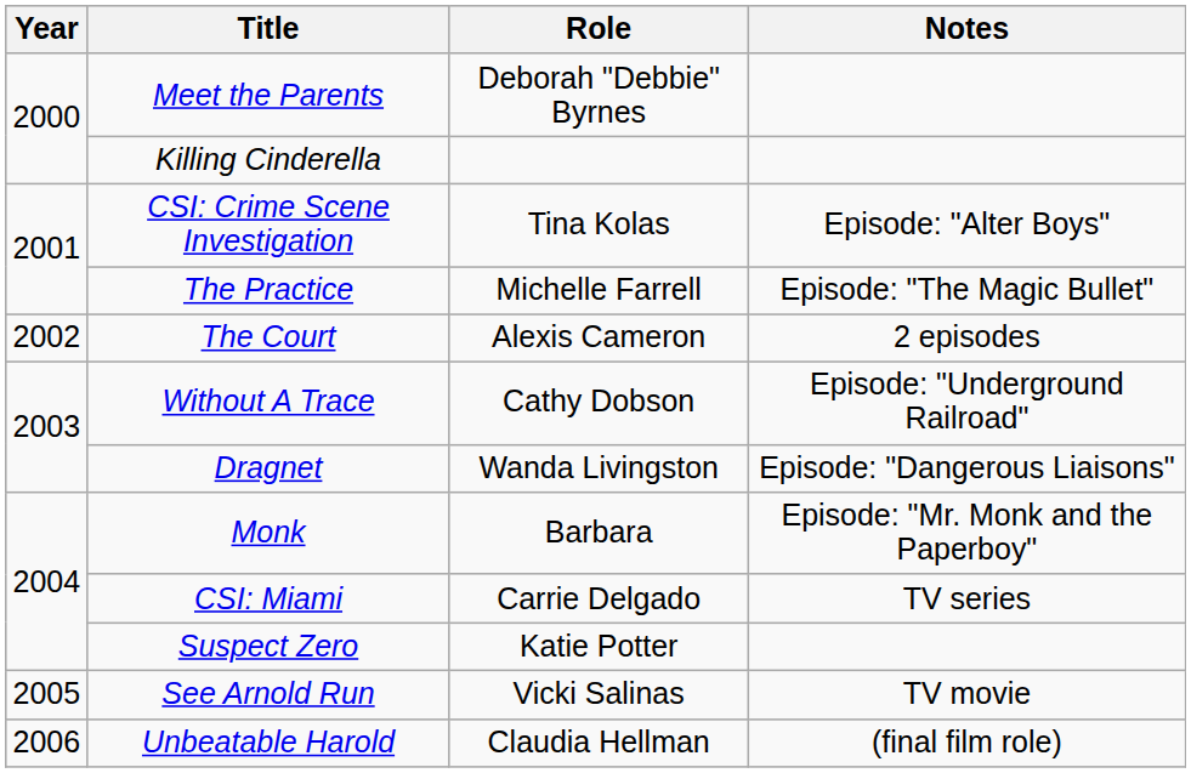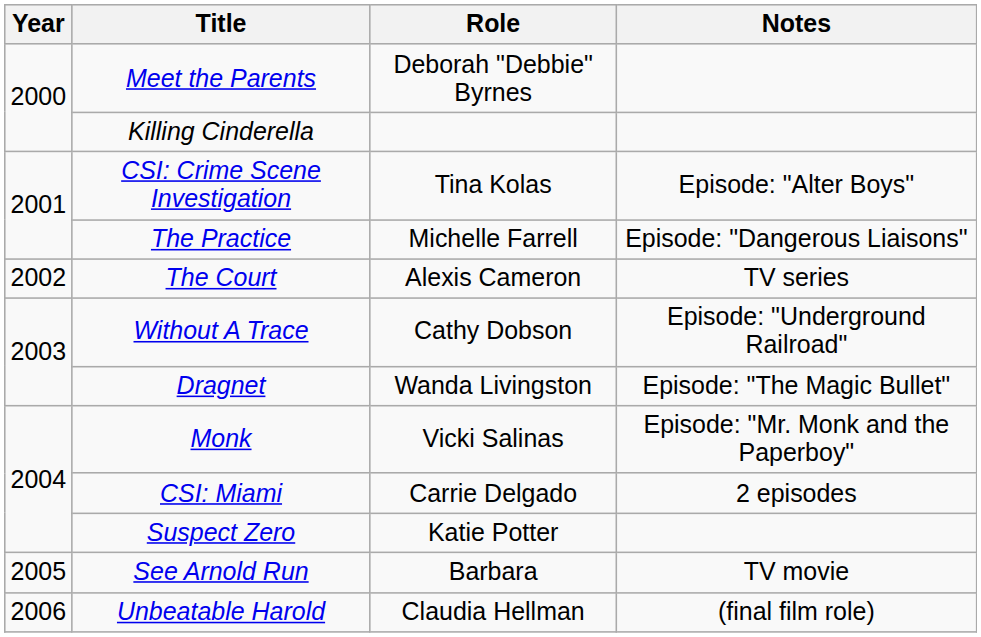 <table class="wikitable sortable toccolours" border="1" cellpadding="4" cellspacing="0" style="text-align:center; border-collapse: collapse; margin:0">
 <tr>
 <th>Year</th>
 <th>Title</th>
 <th>Role</th>
 <th>Notes</th>
 </tr>
 <tr>
 <td rowspan="2">2000</td>
 <td><em><a href='#'>Meet the Parents</a></em></td>
 <td>Deborah "Debbie" Byrnes</td>
 <td></td>
 </tr>
 <tr>
 <td><em>Killing Cinderella</em></td>
 <td></td>
 <td></td>
 </tr>
 <tr>
 <td rowspan="2">2001</td>
 <td><em><a href='#'>CSI: Crime Scene Investigation</a></em></td>
 <td>Tina Kolas</td>
 <td>Episode: "Alter Boys"</td>
 </tr>
 <tr>
 <td><em><a href='#'>The Practice</a></em></td>
 <td>Michelle Farrell</td>
-<td>Episode: "The Magic Bullet"</td>
+<td>Episode: "Dangerous Liaisons"</td>
 </tr>
 <tr>
 <td>2002</td>
 <td><em><a href='#'>The Court</a></em></td>
 <td>Alexis Cameron</td>
-<td>2 episodes</td>
+<td>TV series</td>
 </tr>
 <tr>
 <td rowspan="2">2003</td>
 <td><em><a href='#'>Without A Trace</a></em></td>
 <td>Cathy Dobson</td>
 <td>Episode: "Underground Railroad"</td>
 </tr>
 <tr>
 <td><em><a href='#'>Dragnet</a></em></td>
 <td>Wanda Livingston</td>
-<td>Episode: "Dangerous Liaisons"</td>
+<td>Episode: "The Magic Bullet"</td>
 </tr>
 <tr>
 <td rowspan="3">2004</td>
 <td><em><a href='#'>Monk</a></em></td>
-<td>Barbara</td>
+<td>Vicki Salinas</td>
 <td>Episode: "Mr. Monk and the Paperboy"</td>
 </tr>
 <tr>
 <td><em><a href='#'>CSI: Miami</a></em></td>
 <td>Carrie Delgado</td>
-<td>TV series</td>
+<td>2 episodes</td>
 </tr>
 <tr>
 <td><em><a href='#'>Suspect Zero</a></em></td>
 <td>Katie Potter</td>
 <td></td>
 </tr>
 <tr>
 <td>2005</td>
 <td><em><a href='#'>See Arnold Run</a></em></td>
-<td>Vicki Salinas</td>
+<td>Barbara</td>
 <td>TV movie</td>
 </tr>
 <tr>
 <td>2006</td>
 <td><em><a href='#'>Unbeatable Harold</a></em></td>
 <td>Claudia Hellman</td>
 <td>(final film role)</td>
 </tr>
 </table>
